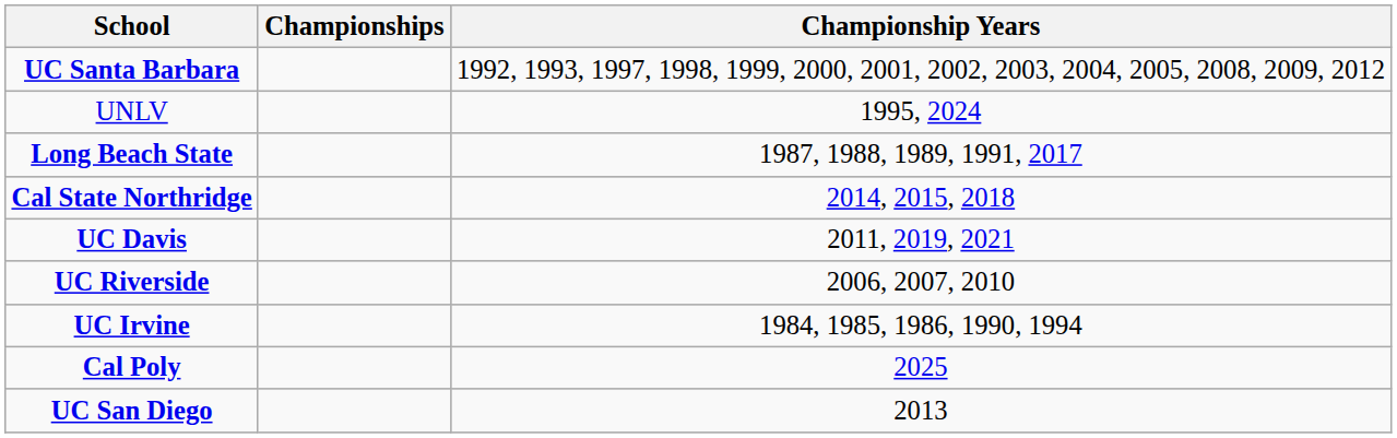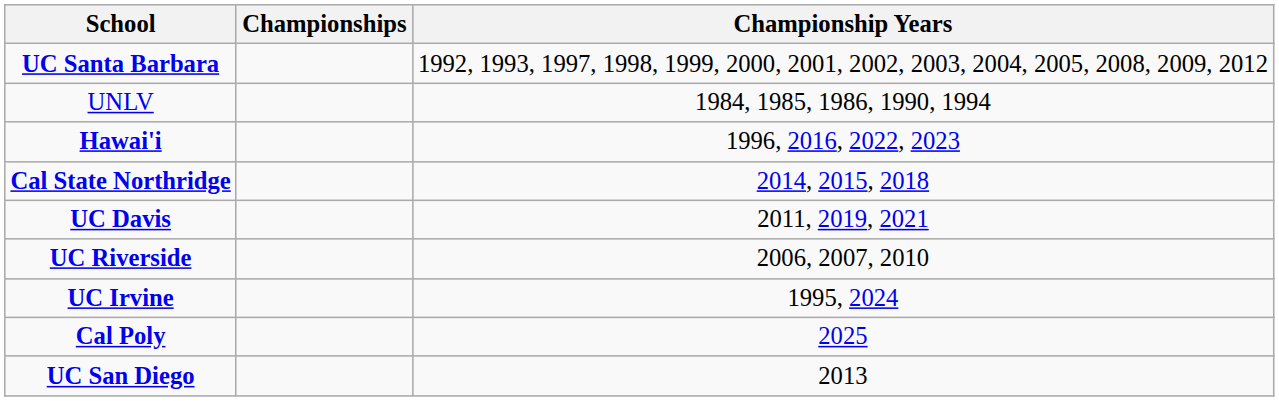 <table class="wikitable sortable" style="text-align:center">
 <tr>
 <th width=px>School</th>
 <th width=px>Championships</th>
 <th width=px>Championship Years</th>
 </tr>
 <tr>
 <td><strong><a href='#'>UC Santa Barbara</a></strong></td>
 <td></td>
 <td>1992, 1993, 1997, 1998, 1999, 2000, 2001, 2002, 2003, 2004, 2005, 2008, 2009, 2012</td>
 </tr>
 <tr>
 <td><a href='#'>UNLV</a></td>
 <td></td>
-<td>1995, <a href='#'>2024</a></td>
+<td>1984, 1985, 1986, 1990, 1994</td>
 </tr>
 <tr>
-<td><strong><a href='#'>Long Beach State</a></strong></td>
+<td><strong><a href='#'>Hawai'i</a></strong></td>
 <td></td>
-<td>1987, 1988, 1989, 1991, <a href='#'>2017</a></td>
+<td>1996, <a href='#'>2016</a>, <a href='#'>2022</a>, <a href='#'>2023</a></td>
 </tr>
 <tr>
 <td><strong><a href='#'>Cal State Northridge</a></strong></td>
 <td></td>
 <td><a href='#'>2014</a>, <a href='#'>2015</a>, <a href='#'>2018</a></td>
 </tr>
 <tr>
 <td><strong><a href='#'>UC Davis</a></strong></td>
 <td></td>
 <td>2011, <a href='#'>2019</a>, <a href='#'>2021</a></td>
 </tr>
 <tr>
 <td><strong><a href='#'>UC Riverside</a></strong></td>
 <td></td>
 <td>2006, 2007, 2010</td>
 </tr>
 <tr>
 <td><strong><a href='#'>UC Irvine</a></strong></td>
 <td></td>
-<td>1984, 1985, 1986, 1990, 1994</td>
+<td>1995, <a href='#'>2024</a></td>
 </tr>
 <tr>
 <td><strong><a href='#'>Cal Poly</a></strong></td>
 <td></td>
 <td><a href='#'>2025</a></td>
 </tr>
 <tr>
 <td><strong><a href='#'>UC San Diego</a></strong></td>
 <td></td>
 <td>2013</td>
 </tr>
 </table>
